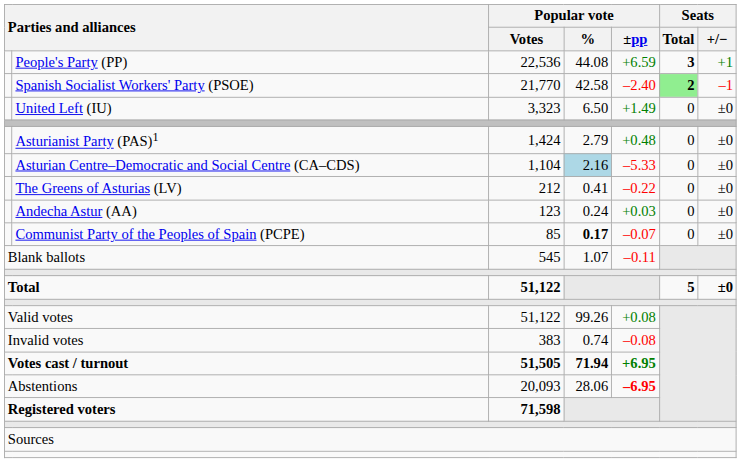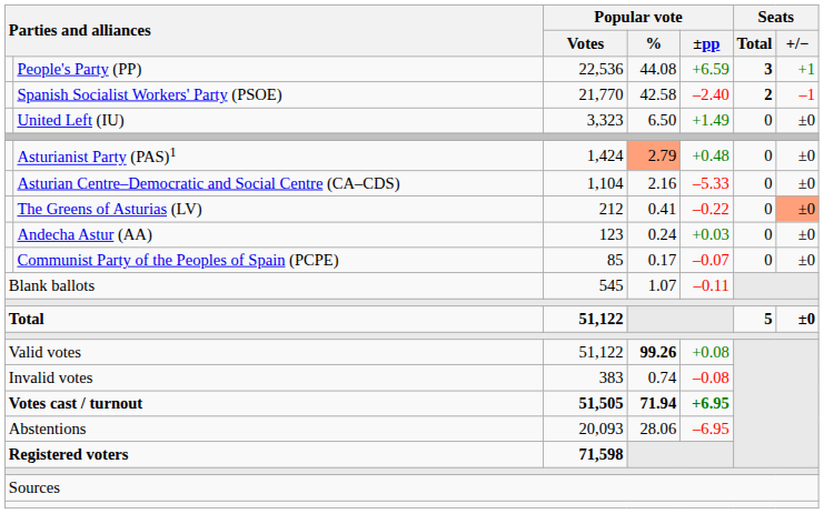 <table class="wikitable" style="text-align:right;">
 <tr>
 <th style="text-align:left;" rowspan="2" colspan="2" width="525">Parties and alliances</th>
 <th colspan="3">Popular vote</th>
 <th colspan="2">Seats</th>
 </tr>
 <tr>
 <th width="75">Votes</th>
 <th width="45">%</th>
 <th width="45">±<a href='#'>pp</a></th>
 <th width="35">Total</th>
 <th width="35">+/−</th>
 </tr>
 <tr>
 <td width="1" style="color:inherit;background:"></td>
 <td align="left"><a href='#'>People's Party</a> (PP)</td>
 <td>22,536</td>
 <td>44.08</td>
 <td style="color:green;">+6.59</td>
 <td><strong>3</strong></td>
 <td style="color:green;">+1</td>
 </tr>
 <tr>
 <td style="color:inherit;background:"></td>
 <td align="left"><a href='#'>Spanish Socialist Workers' Party</a> (PSOE)</td>
 <td>21,770</td>
 <td>42.58</td>
 <td style="color:red;">–2.40</td>
-<td style="background: lightgreen;"><strong>2</strong></td>
+<td><strong>2</strong></td>
 <td style="color:red;">–1</td>
 </tr>
 <tr>
 <td style="color:inherit;background:"></td>
 <td align="left"><a href='#'>United Left</a> (IU)</td>
 <td>3,323</td>
 <td>6.50</td>
 <td style="color:green;">+1.49</td>
 <td>0</td>
 <td>±0</td>
 </tr>
 <tr>
 <td colspan="7" bgcolor="#C0C0C0"></td>
 </tr>
 <tr>
 <td style="color:inherit;background:"></td>
 <td align="left"><a href='#'>Asturianist Party</a> (PAS)<sup>1</sup></td>
 <td>1,424</td>
-<td>2.79</td>
+<td style="background: lightsalmon;">2.79</td>
 <td style="color:green;">+0.48</td>
 <td>0</td>
 <td>±0</td>
 </tr>
 <tr>
 <td style="color:inherit;background:"></td>
 <td align="left"><a href='#'>Asturian Centre–Democratic and Social Centre</a> (CA–CDS)</td>
 <td>1,104</td>
-<td style="background: lightblue;">2.16</td>
+<td>2.16</td>
 <td style="color:red;">–5.33</td>
 <td>0</td>
 <td>±0</td>
 </tr>
 <tr>
 <td style="color:inherit;background:"></td>
 <td align="left"><a href='#'>The Greens of Asturias</a> (LV)</td>
 <td>212</td>
 <td>0.41</td>
 <td style="color:red;">–0.22</td>
 <td>0</td>
-<td>±0</td>
+<td style="background: lightsalmon;">±0</td>
 </tr>
 <tr>
 <td style="color:inherit;background:"></td>
 <td align="left"><a href='#'>Andecha Astur</a> (AA)</td>
 <td>123</td>
 <td>0.24</td>
 <td style="color:green;">+0.03</td>
 <td>0</td>
 <td>±0</td>
 </tr>
 <tr>
 <td style="color:inherit;background:"></td>
 <td align="left"><a href='#'>Communist Party of the Peoples of Spain</a> (PCPE)</td>
 <td>85</td>
-<td><strong>0.17</strong></td>
+<td>0.17</td>
 <td style="color:red;">–0.07</td>
 <td>0</td>
 <td>±0</td>
 </tr>
 <tr>
 <td align="left" colspan="2">Blank ballots</td>
 <td>545</td>
 <td>1.07</td>
 <td style="color:red;">–0.11</td>
 <td bgcolor="#E9E9E9" colspan="2"></td>
 </tr>
 <tr>
 <td colspan="7" bgcolor="#E9E9E9"></td>
 </tr>
 <tr style="font-weight:bold;">
 <td align="left" colspan="2">Total</td>
 <td>51,122</td>
 <td bgcolor="#E9E9E9" colspan="2"></td>
 <td>5</td>
 <td>±0</td>
 </tr>
 <tr>
 <td colspan="7" bgcolor="#E9E9E9"></td>
 </tr>
 <tr>
 <td align="left" colspan="2">Valid votes</td>
 <td>51,122</td>
-<td>99.26</td>
+<td><strong>99.26</strong></td>
 <td style="color:green;">+0.08</td>
 <td bgcolor="#E9E9E9" colspan="2" rowspan="5"></td>
 </tr>
 <tr>
 <td align="left" colspan="2">Invalid votes</td>
 <td>383</td>
 <td>0.74</td>
 <td style="color:red;">–0.08</td>
 </tr>
 <tr style="font-weight:bold;">
 <td align="left" colspan="2">Votes cast / turnout</td>
 <td>51,505</td>
 <td>71.94</td>
 <td style="color:green;">+6.95</td>
 </tr>
 <tr>
 <td align="left" colspan="2">Abstentions</td>
 <td>20,093</td>
 <td>28.06</td>
-<td style="color:red;"><strong>–6.95</strong></td>
+<td style="color:red;">–6.95</td>
 </tr>
 <tr style="font-weight:bold;">
 <td align="left" colspan="2">Registered voters</td>
 <td>71,598</td>
 <td bgcolor="#E9E9E9" colspan="2"></td>
 </tr>
 <tr>
 <td colspan="7" bgcolor="#E9E9E9"></td>
 </tr>
 <tr>
 <td align="left" colspan="7">Sources</td>
 </tr>
 <tr>
 <td colspan="7" style="text-align:left; max-width:790px;"></td>
 </tr>
 </table>
